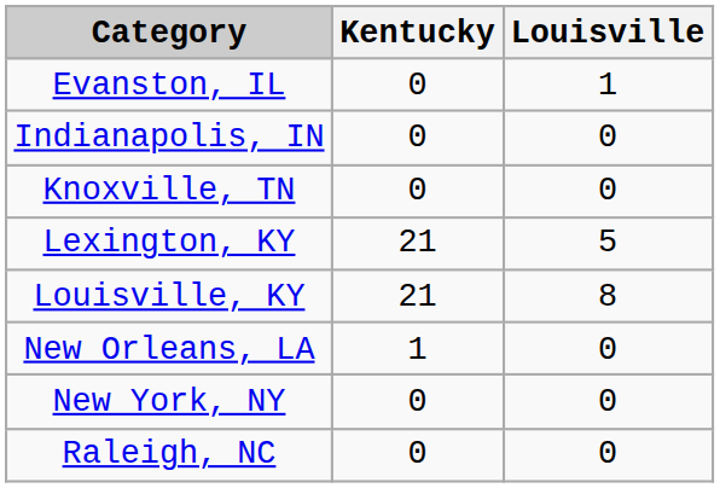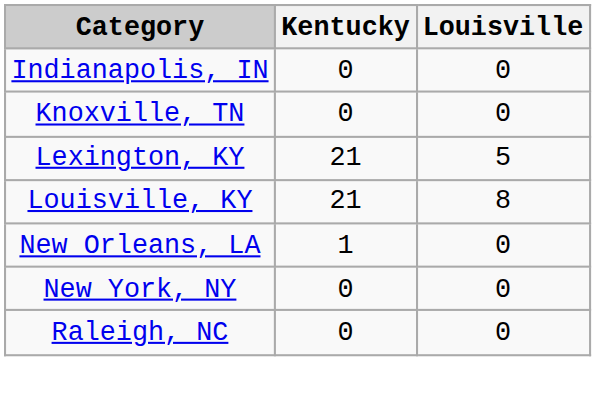 <table class="wikitable">
 <tr>
 <th style="background:#CCCCCC; text-align:center"><strong>Category</strong></th>
 <th><strong>Kentucky</strong></th>
 <th><strong>Louisville</strong></th>
-</tr>
-<tr>
-<td align=center><a href='#'>Evanston, IL</a></td>
-<td align=center>0</td>
-<td align=center>1</td>
 </tr>
 <tr>
 <td align=center><a href='#'>Indianapolis, IN</a></td>
 <td align=center>0</td>
 <td align=center>0</td>
 </tr>
 <tr>
 <td align=center><a href='#'>Knoxville, TN</a></td>
 <td align=center>0</td>
 <td align=center>0</td>
 </tr>
 <tr>
 <td align=center><a href='#'>Lexington, KY</a></td>
 <td align=center>21</td>
 <td align=center>5</td>
 </tr>
 <tr>
 <td align=center><a href='#'>Louisville, KY</a></td>
 <td align=center>21</td>
 <td align=center>8</td>
 </tr>
 <tr>
 <td align=center><a href='#'>New Orleans, LA</a></td>
 <td align=center>1</td>
 <td align=center>0</td>
 </tr>
 <tr>
 <td align=center><a href='#'>New York, NY</a></td>
 <td align=center>0</td>
 <td align=center>0</td>
 </tr>
 <tr>
 <td align=center><a href='#'>Raleigh, NC</a></td>
 <td align=center>0</td>
 <td align=center>0</td>
 </tr>
 </table>
